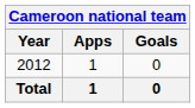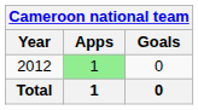 <table class="wikitable" style="text-align:center">
 <tr>
 <th colspan=3><a href='#'>Cameroon national team</a></th>
 </tr>
 <tr>
 <th>Year</th>
 <th>Apps</th>
 <th>Goals</th>
 </tr>
 <tr>
 <td>2012</td>
-<td>1</td>
+<td style="background: lightgreen;">1</td>
 <td>0</td>
 </tr>
 <tr>
 <th>Total</th>
 <th>1</th>
 <th>0</th>
 </tr>
 </table>
